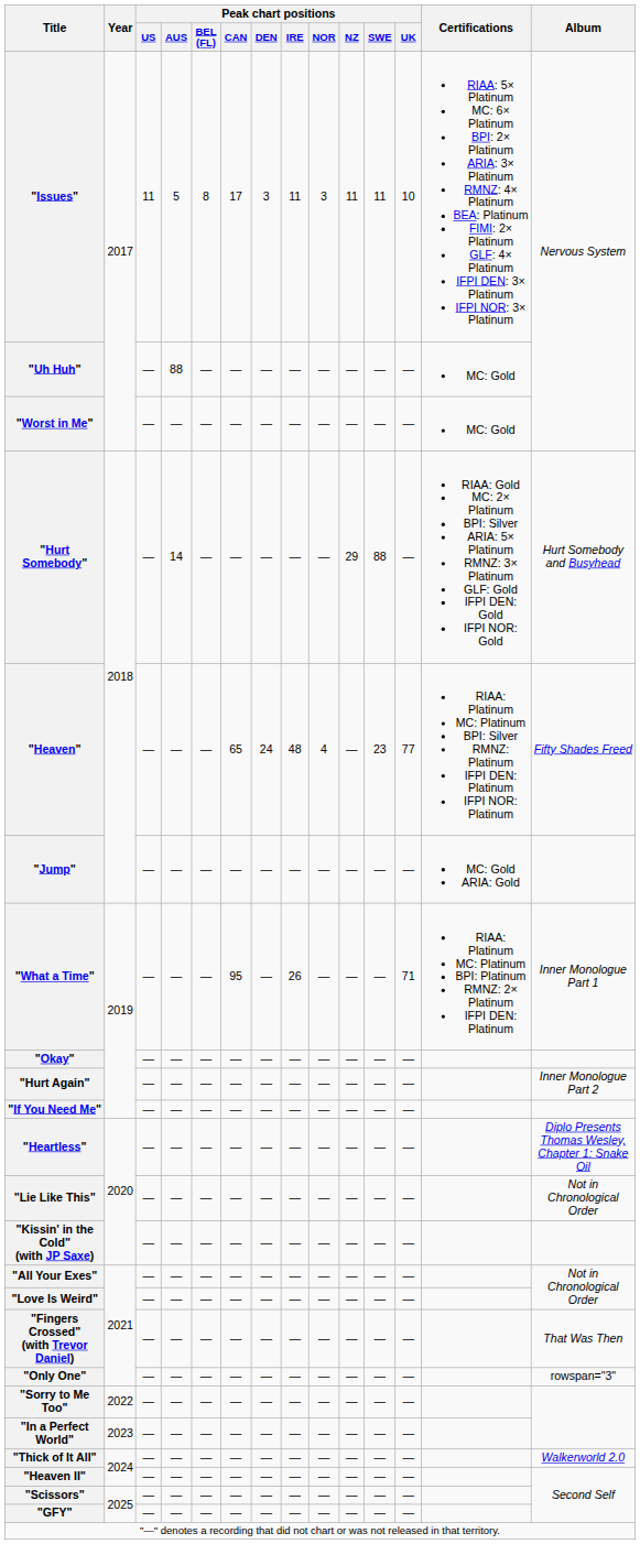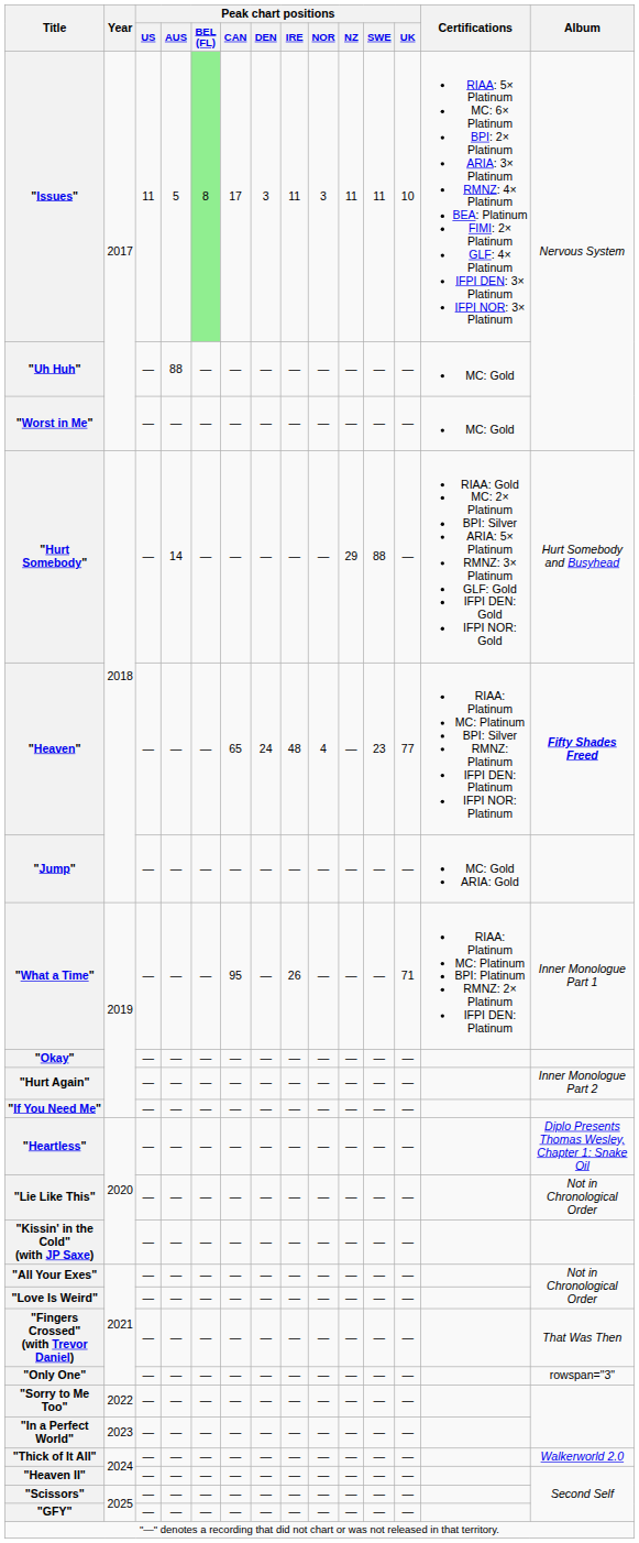 <table class="wikitable plainrowheaders" style="text-align:center;">
 <tr>
 <th scope="col" rowspan="2" style="width:13em;">Title</th>
 <th scope="col" rowspan="2" style="width:1em;">Year</th>
 <th scope="col" colspan="10">Peak chart positions</th>
 <th scope="col" rowspan="2" style="width:14em;">Certifications</th>
 <th scope="col" rowspan="2" style="width:13em;">Album</th>
 </tr>
 <tr>
 <th scope="col" style="width:3em;font-size:90%;"><a href='#'>US</a><br></th>
 <th scope="col" style="width:3em;font-size:90%;"><a href='#'>AUS</a><br></th>
 <th scope="col" style="width:3em;font-size:90%;"><a href='#'>BEL (FL)</a><br></th>
 <th scope="col" style="width:3em;font-size:90%;"><a href='#'>CAN</a><br></th>
 <th scope="col" style="width:3em;font-size:90%;"><a href='#'>DEN</a><br></th>
 <th scope="col" style="width:3em;font-size:90%;"><a href='#'>IRE</a><br></th>
 <th scope="col" style="width:3em;font-size:90%;"><a href='#'>NOR</a><br></th>
 <th scope="col" style="width:3em;font-size:90%;"><a href='#'>NZ</a><br></th>
 <th scope="col" style="width:3em;font-size:90%;"><a href='#'>SWE</a><br></th>
 <th scope="col" style="width:3em;font-size:90%;"><a href='#'>UK</a><br></th>
 </tr>
 <tr>
 <th scope="row">"<a href='#'>Issues</a>"</th>
 <td rowspan="3">2017</td>
 <td>11</td>
 <td>5</td>
-<td>8</td>
+<td style="background: lightgreen;">8</td>
 <td>17</td>
 <td>3</td>
 <td>11</td>
 <td>3</td>
 <td>11</td>
 <td>11</td>
 <td>10</td>
 <td><br><ul><li><a href='#'>RIAA</a>: 5× Platinum</li><li>MC: 6× Platinum</li><li><a href='#'>BPI</a>: 2× Platinum</li><li><a href='#'>ARIA</a>: 3× Platinum</li><li><a href='#'>RMNZ</a>: 4× Platinum</li><li><a href='#'>BEA</a>: Platinum</li><li><a href='#'>FIMI</a>: 2× Platinum</li><li><a href='#'>GLF</a>: 4× Platinum</li><li><a href='#'>IFPI DEN</a>: 3× Platinum</li><li><a href='#'>IFPI NOR</a>: 3× Platinum</li></ul></td>
 <td rowspan="3"><em>Nervous System</em></td>
 </tr>
 <tr>
 <th scope="row">"<a href='#'>Uh Huh</a>"</th>
 <td>—</td>
 <td>88</td>
 <td>—</td>
 <td>—</td>
 <td>—</td>
 <td>—</td>
 <td>—</td>
 <td>—</td>
 <td>—</td>
 <td>—</td>
 <td><br><ul><li>MC: Gold</li></ul></td>
 </tr>
 <tr>
 <th scope="row">"<a href='#'>Worst in Me</a>"</th>
 <td>—</td>
 <td>—</td>
 <td>—</td>
 <td>—</td>
 <td>—</td>
 <td>—</td>
 <td>—</td>
 <td>—</td>
 <td>—</td>
 <td>—</td>
 <td><br><ul><li>MC: Gold</li></ul></td>
 </tr>
 <tr>
 <th scope="row">"<a href='#'>Hurt Somebody</a>"<br></th>
 <td rowspan="3">2018</td>
 <td>—</td>
 <td>14</td>
 <td>—</td>
 <td>—</td>
 <td>—</td>
 <td>—</td>
 <td>—</td>
 <td>29</td>
 <td>88</td>
 <td>—</td>
 <td><br><ul><li>RIAA: Gold</li><li>MC: 2× Platinum</li><li>BPI: Silver</li><li>ARIA: 5× Platinum</li><li>RMNZ: 3× Platinum</li><li>GLF: Gold</li><li>IFPI DEN: Gold</li><li>IFPI NOR: Gold</li></ul></td>
 <td><em>Hurt Somebody and <a href='#'>Busyhead</a></em></td>
 </tr>
 <tr>
 <th scope="row">"<a href='#'>Heaven</a>"</th>
 <td>—</td>
 <td>—</td>
 <td>—</td>
 <td>65</td>
 <td>24</td>
 <td>48</td>
 <td>4</td>
 <td>—</td>
 <td>23</td>
 <td>77</td>
 <td><br><ul><li>RIAA: Platinum</li><li>MC: Platinum</li><li>BPI: Silver</li><li>RMNZ: Platinum</li><li>IFPI DEN: Platinum</li><li>IFPI NOR: Platinum</li></ul></td>
-<td><em><a href='#'>Fifty Shades Freed</a></em></td>
+<td><strong><em><a href='#'>Fifty Shades Freed</a></em></strong></td>
 </tr>
 <tr>
 <th scope="row">"<a href='#'>Jump</a>"<br></th>
 <td>—</td>
 <td>—</td>
 <td>—</td>
 <td>—</td>
 <td>—</td>
 <td>—</td>
 <td>—</td>
 <td>—</td>
 <td>—</td>
 <td>—</td>
 <td><br><ul><li>MC: Gold</li><li>ARIA: Gold</li></ul></td>
 <td></td>
 </tr>
 <tr>
 <th scope="row">"<a href='#'>What a Time</a>"<br></th>
 <td rowspan="4">2019</td>
 <td>—</td>
 <td>—</td>
 <td>—</td>
 <td>95</td>
 <td>—</td>
 <td>26</td>
 <td>—</td>
 <td>—</td>
 <td>—</td>
 <td>71</td>
 <td><br><ul><li>RIAA: Platinum</li><li>MC: Platinum</li><li>BPI: Platinum</li><li>RMNZ: 2× Platinum</li><li>IFPI DEN: Platinum</li></ul></td>
 <td><em>Inner Monologue Part 1</em></td>
 </tr>
 <tr>
 <th scope="row">"<a href='#'>Okay</a>"<br></th>
 <td>—</td>
 <td>—</td>
 <td>—</td>
 <td>—</td>
 <td>—</td>
 <td>—</td>
 <td>—</td>
 <td>—</td>
 <td>—</td>
 <td>—</td>
 <td></td>
 <td></td>
 </tr>
 <tr>
 <th scope="row">"Hurt Again"</th>
 <td>—</td>
 <td>—</td>
 <td>—</td>
 <td>—</td>
 <td>—</td>
 <td>—</td>
 <td>—</td>
 <td>—</td>
 <td>—</td>
 <td>—</td>
 <td></td>
 <td><em>Inner Monologue Part 2</em></td>
 </tr>
 <tr>
 <th scope="row">"<a href='#'>If You Need Me</a>"</th>
 <td>—</td>
 <td>—</td>
 <td>—</td>
 <td>—</td>
 <td>—</td>
 <td>—</td>
 <td>—</td>
 <td>—</td>
 <td>—</td>
 <td>—</td>
 <td></td>
 <td></td>
 </tr>
 <tr>
 <th scope="row">"<a href='#'>Heartless</a>"<br></th>
 <td rowspan="3">2020</td>
 <td>—</td>
 <td>—</td>
 <td>—</td>
 <td>—</td>
 <td>—</td>
 <td>—</td>
 <td>—</td>
 <td>—</td>
 <td>—</td>
 <td>—</td>
 <td></td>
 <td><em><a href='#'>Diplo Presents Thomas Wesley, Chapter 1: Snake Oil</a></em></td>
 </tr>
 <tr>
 <th scope="row">"Lie Like This"</th>
 <td>—</td>
 <td>—</td>
 <td>—</td>
 <td>—</td>
 <td>—</td>
 <td>—</td>
 <td>—</td>
 <td>—</td>
 <td>—</td>
 <td>—</td>
 <td></td>
 <td><em>Not in Chronological Order</em></td>
 </tr>
 <tr>
 <th scope="row">"Kissin' in the Cold"<br><span>(with <a href='#'>JP Saxe</a>)</span></th>
 <td>—</td>
 <td>—</td>
 <td>—</td>
 <td>—</td>
 <td>—</td>
 <td>—</td>
 <td>—</td>
 <td>—</td>
 <td>—</td>
 <td>—</td>
 <td></td>
 <td></td>
 </tr>
 <tr>
 <th scope="row">"All Your Exes"</th>
 <td rowspan="4">2021</td>
 <td>—</td>
 <td>—</td>
 <td>—</td>
 <td>—</td>
 <td>—</td>
 <td>—</td>
 <td>—</td>
 <td>—</td>
 <td>—</td>
 <td>—</td>
 <td></td>
 <td rowspan="2"><em>Not in Chronological Order</em></td>
 </tr>
 <tr>
 <th scope="row">"Love Is Weird"</th>
 <td>—</td>
 <td>—</td>
 <td>—</td>
 <td>—</td>
 <td>—</td>
 <td>—</td>
 <td>—</td>
 <td>—</td>
 <td>—</td>
 <td>—</td>
 <td></td>
 </tr>
 <tr>
 <th scope="row">"Fingers Crossed"<br><span>(with <a href='#'>Trevor Daniel</a>)</span></th>
 <td>—</td>
 <td>—</td>
 <td>—</td>
 <td>—</td>
 <td>—</td>
 <td>—</td>
 <td>—</td>
 <td>—</td>
 <td>—</td>
 <td>—</td>
 <td></td>
 <td><em>That Was Then</em></td>
 </tr>
 <tr>
 <th scope="row">"Only One"<br></th>
 <td>—</td>
 <td>—</td>
 <td>—</td>
 <td>—</td>
 <td>—</td>
 <td>—</td>
 <td>—</td>
 <td>—</td>
 <td>—</td>
 <td>—</td>
 <td></td>
 <td>rowspan="3" </td>
 </tr>
 <tr>
 <th scope="row">"Sorry to Me Too"</th>
 <td>2022</td>
 <td>—</td>
 <td>—</td>
 <td>—</td>
 <td>—</td>
 <td>—</td>
 <td>—</td>
 <td>—</td>
 <td>—</td>
 <td>—</td>
 <td>—</td>
 <td></td>
 </tr>
 <tr>
 <th scope="row">"In a Perfect World"<br></th>
 <td>2023</td>
 <td>—</td>
 <td>—</td>
 <td>—</td>
 <td>—</td>
 <td>—</td>
 <td>—</td>
 <td>—</td>
 <td>—</td>
 <td>—</td>
 <td>—</td>
 <td></td>
 </tr>
 <tr>
 <th scope="row">"Thick of It All"<br></th>
 <td rowspan="2">2024</td>
 <td>—</td>
 <td>—</td>
 <td>—</td>
 <td>—</td>
 <td>—</td>
 <td>—</td>
 <td>—</td>
 <td>—</td>
 <td>—</td>
 <td>—</td>
 <td></td>
 <td><em><a href='#'>Walkerworld 2.0</a></em></td>
 </tr>
 <tr>
 <th scope="row">"Heaven II"</th>
 <td>—</td>
 <td>—</td>
 <td>—</td>
 <td>—</td>
 <td>—</td>
 <td>—</td>
 <td>—</td>
 <td>—</td>
 <td>—</td>
 <td>—</td>
 <td></td>
 <td rowspan="3"><em>Second Self</em></td>
 </tr>
 <tr>
 <th scope="row">"Scissors"<br></th>
 <td rowspan="2">2025</td>
 <td>—</td>
 <td>—</td>
 <td>—</td>
 <td>—</td>
 <td>—</td>
 <td>—</td>
 <td>—</td>
 <td>—</td>
 <td>—</td>
 <td>—</td>
 <td></td>
 </tr>
 <tr>
 <th scope="row">"GFY"</th>
 <td>—</td>
 <td>—</td>
 <td>—</td>
 <td>—</td>
 <td>—</td>
 <td>—</td>
 <td>—</td>
 <td>—</td>
 <td>—</td>
 <td>—</td>
 <td></td>
 </tr>
 <tr>
 <td colspan="14" style="font-size:90%">"—" denotes a recording that did not chart or was not released in that territory.</td>
 </tr>
 </table>
